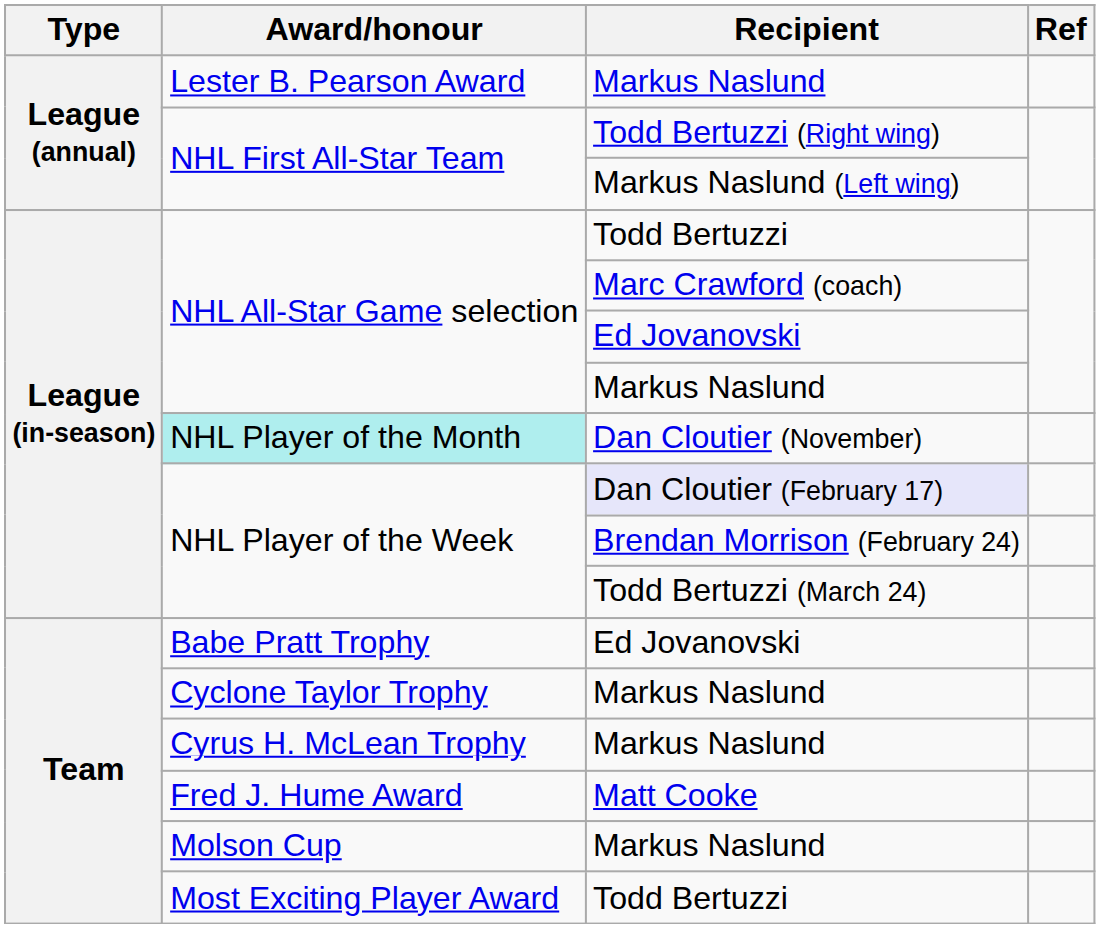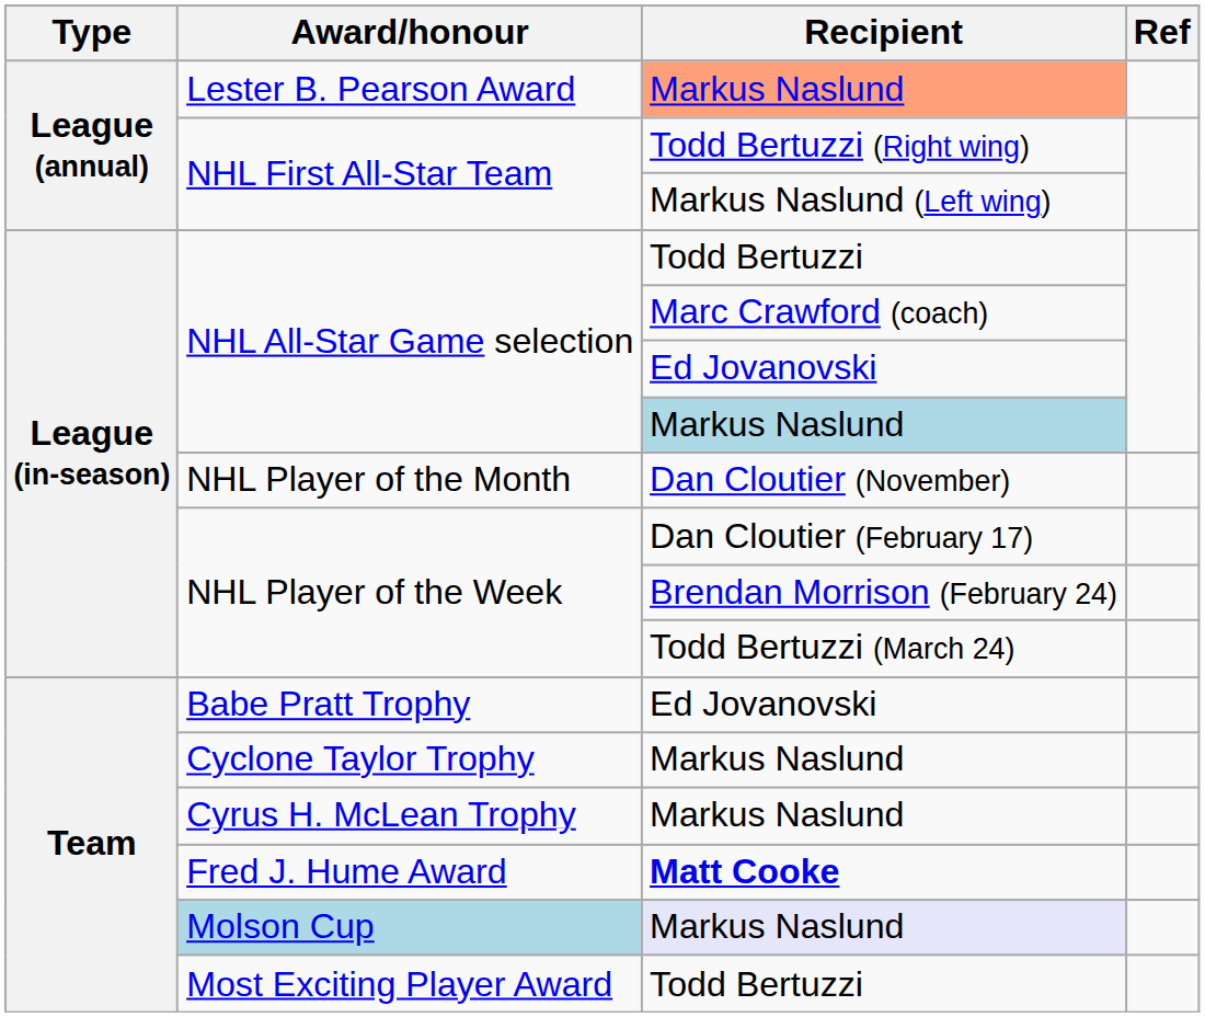 <table class="wikitable">
 <tr>
 <th scope="col">Type</th>
 <th scope="col">Award/honour</th>
 <th scope="col">Recipient</th>
 <th scope="col">Ref</th>
 </tr>
 <tr>
 <th scope="row" rowspan="3">League<br><small>(annual)</small></th>
 <td><a href='#'>Lester B. Pearson Award</a></td>
-<td><a href='#'>Markus Naslund</a></td>
+<td style="background: lightsalmon;"><a href='#'>Markus Naslund</a></td>
 <td></td>
 </tr>
 <tr>
 <td rowspan="2"><a href='#'>NHL First All-Star Team</a></td>
 <td><a href='#'>Todd Bertuzzi</a> <small>(<a href='#'>Right wing</a>)</small></td>
 <td rowspan="2"></td>
 </tr>
 <tr>
 <td>Markus Naslund <small>(<a href='#'>Left wing</a>)</small></td>
 </tr>
 <tr>
 <th scope="row" rowspan="8">League<br><small>(in-season)</small></th>
 <td rowspan="4"><a href='#'>NHL All-Star Game</a> selection</td>
 <td>Todd Bertuzzi</td>
 <td rowspan="4"></td>
 </tr>
 <tr>
 <td><a href='#'>Marc Crawford</a> <small>(coach)</small></td>
 </tr>
 <tr>
 <td><a href='#'>Ed Jovanovski</a></td>
 </tr>
 <tr>
-<td>Markus Naslund</td>
+<td style="background: lightblue;">Markus Naslund</td>
 </tr>
 <tr>
-<td style="background: paleturquoise;">NHL Player of the Month</td>
+<td>NHL Player of the Month</td>
 <td><a href='#'>Dan Cloutier</a> <small>(November)</small></td>
 <td></td>
 </tr>
 <tr>
 <td rowspan="3">NHL Player of the Week</td>
-<td style="background: lavender;">Dan Cloutier <small>(February 17)</small></td>
+<td>Dan Cloutier <small>(February 17)</small></td>
 <td></td>
 </tr>
 <tr>
 <td><a href='#'>Brendan Morrison</a> <small>(February 24)</small></td>
 <td></td>
 </tr>
 <tr>
 <td>Todd Bertuzzi <small>(March 24)</small></td>
 <td></td>
 </tr>
 <tr>
 <th scope="row" rowspan="6">Team</th>
 <td><a href='#'>Babe Pratt Trophy</a></td>
 <td>Ed Jovanovski</td>
 <td></td>
 </tr>
 <tr>
 <td><a href='#'>Cyclone Taylor Trophy</a></td>
 <td>Markus Naslund</td>
 <td></td>
 </tr>
 <tr>
 <td><a href='#'>Cyrus H. McLean Trophy</a></td>
 <td>Markus Naslund</td>
 <td></td>
 </tr>
 <tr>
 <td><a href='#'>Fred J. Hume Award</a></td>
-<td><a href='#'>Matt Cooke</a></td>
+<td><strong><a href='#'>Matt Cooke</a></strong></td>
 <td></td>
 </tr>
 <tr>
-<td><a href='#'>Molson Cup</a></td>
-<td>Markus Naslund</td>
+<td style="background: lightblue;"><a href='#'>Molson Cup</a></td>
+<td style="background: lavender;">Markus Naslund</td>
 <td></td>
 </tr>
 <tr>
 <td><a href='#'>Most Exciting Player Award</a></td>
 <td>Todd Bertuzzi</td>
 <td></td>
 </tr>
 </table>
